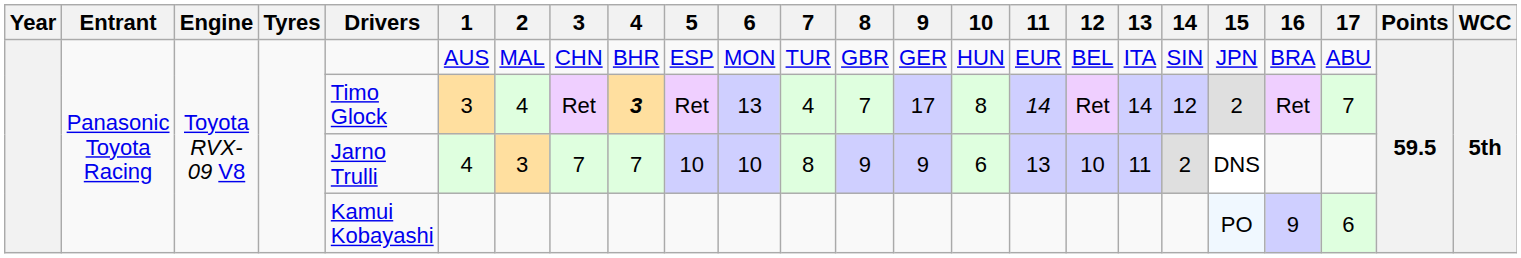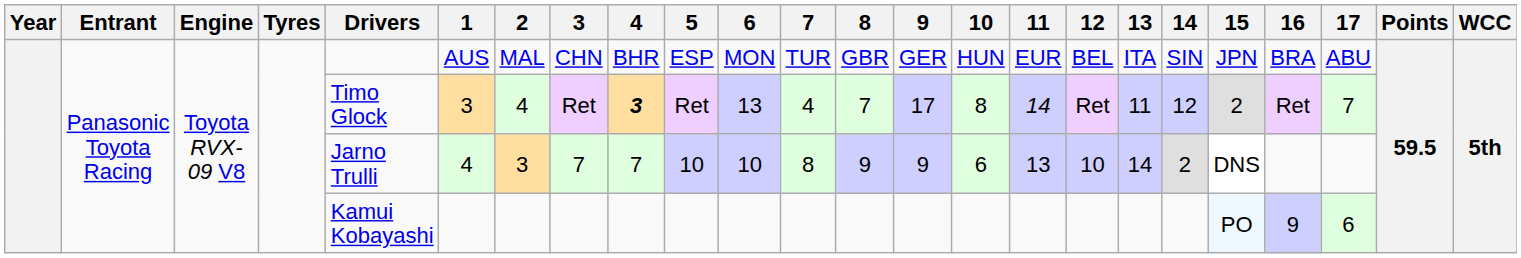 <table class="wikitable" style="text-align:center; font-size:95%">
 <tr>
 <th>Year</th>
 <th>Entrant</th>
 <th>Engine</th>
 <th>Tyres</th>
 <th>Drivers</th>
 <th>1</th>
 <th>2</th>
 <th>3</th>
 <th>4</th>
 <th>5</th>
 <th>6</th>
 <th>7</th>
 <th>8</th>
 <th>9</th>
 <th>10</th>
 <th>11</th>
 <th>12</th>
 <th>13</th>
 <th>14</th>
 <th>15</th>
 <th>16</th>
 <th>17</th>
 <th>Points</th>
 <th>WCC</th>
 </tr>
 <tr>
 <th rowspan="4"></th>
 <td rowspan="4"><a href='#'>Panasonic</a> <a href='#'>Toyota Racing</a></td>
 <td rowspan="4"><a href='#'>Toyota</a> <em>RVX-09</em> <a href='#'>V8</a></td>
 <td rowspan="4"></td>
 <td></td>
 <td><a href='#'>AUS</a></td>
 <td><a href='#'>MAL</a></td>
 <td><a href='#'>CHN</a></td>
 <td><a href='#'>BHR</a></td>
 <td><a href='#'>ESP</a></td>
 <td><a href='#'>MON</a></td>
 <td><a href='#'>TUR</a></td>
 <td><a href='#'>GBR</a></td>
 <td><a href='#'>GER</a></td>
 <td><a href='#'>HUN</a></td>
 <td><a href='#'>EUR</a></td>
 <td><a href='#'>BEL</a></td>
 <td><a href='#'>ITA</a></td>
 <td><a href='#'>SIN</a></td>
 <td><a href='#'>JPN</a></td>
 <td><a href='#'>BRA</a></td>
 <td><a href='#'>ABU</a></td>
 <th rowspan="4">59.5</th>
 <th rowspan="4">5th</th>
 </tr>
 <tr>
 <td align="left"> <a href='#'>Timo Glock</a></td>
 <td style="background:#FFDF9F;">3</td>
 <td style="background:#dfffdf;">4</td>
 <td style="background:#EFCFFF;">Ret</td>
 <td style="background:#FFDF9F;"><strong><em>3</em></strong></td>
 <td style="background:#EFCFFF;">Ret</td>
 <td style="background:#CFCFFF;">13</td>
 <td style="background:#DFFFDF;">4</td>
 <td style="background:#DFFFDF;">7</td>
 <td style="background:#CFCFFF;">17</td>
 <td style="background:#DFFFDF;">8</td>
 <td style="background:#CFCFFF;"><em>14</em></td>
 <td style="background:#EFCFFF;">Ret</td>
-<td style="background:#CFCFFF;">14</td>
+<td style="background:#CFCFFF;">11</td>
 <td style="background:#CFCFFF;">12</td>
 <td style="background:#DFDFDF;">2</td>
 <td style="background:#EFCFFF;">Ret</td>
 <td style="background:#DFFFDF;">7</td>
 </tr>
 <tr>
 <td align="left"> <a href='#'>Jarno Trulli</a></td>
 <td style="background:#DFFFDF;">4</td>
 <td style="background:#FFDF9F;">3</td>
 <td style="background:#DFFFDF;">7</td>
 <td style="background:#DFFFDF;">7</td>
 <td style="background:#CFCFFF;">10</td>
 <td style="background:#CFCFFF;">10</td>
 <td style="background:#DFFFDF;">8</td>
 <td style="background:#CFCFFF;">9</td>
 <td style="background:#CFCFFF;">9</td>
 <td style="background:#DFFFDF;">6</td>
 <td style="background:#CFCFFF;">13</td>
 <td style="background:#CFCFFF;">10</td>
-<td style="background:#CFCFFF;">11</td>
+<td style="background:#CFCFFF;">14</td>
 <td style="background:#DFDFDF;">2</td>
 <td style="background:#FFFFFF;">DNS</td>
 <td></td>
 <td></td>
 </tr>
 <tr>
 <td align="left"> <a href='#'>Kamui Kobayashi</a></td>
 <td></td>
 <td></td>
 <td></td>
 <td></td>
 <td></td>
 <td></td>
 <td></td>
 <td></td>
 <td></td>
 <td></td>
 <td></td>
 <td></td>
 <td></td>
 <td></td>
 <td style="background:#F0F8FF;">PO</td>
 <td style="background:#CFCFFF;">9</td>
 <td style="background:#DFFFDF;">6</td>
 </tr>
 </table>
